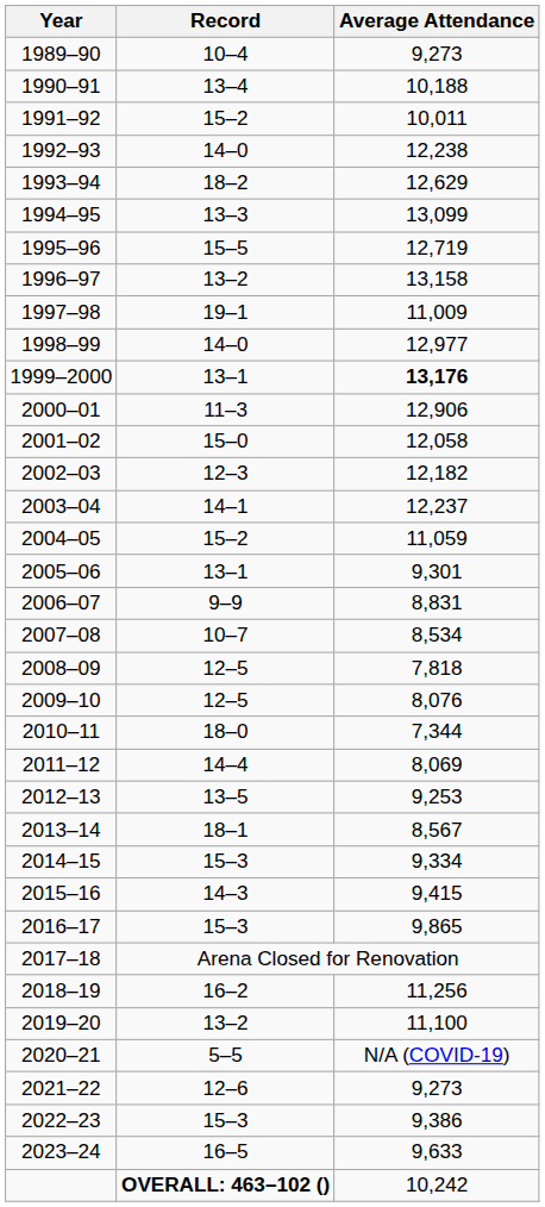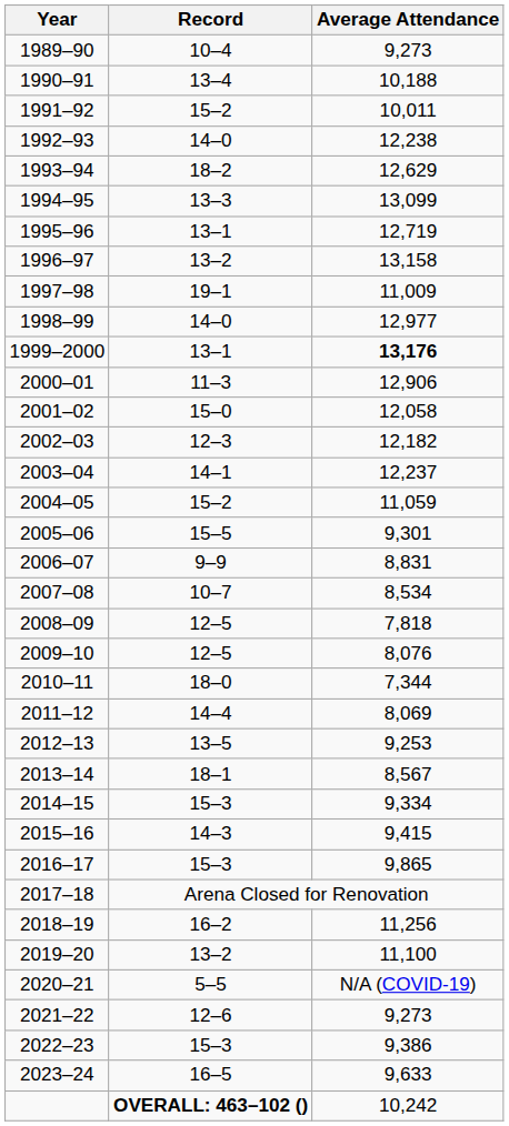 <table class=wikitable style="text-align:center">
 <tr>
 <th>Year</th>
 <th>Record</th>
 <th>Average Attendance</th>
 </tr>
 <tr>
 <td>1989–90</td>
 <td>10–4</td>
 <td>9,273</td>
 </tr>
 <tr>
 <td>1990–91</td>
 <td>13–4</td>
 <td>10,188</td>
 </tr>
 <tr>
 <td>1991–92</td>
 <td>15–2</td>
 <td>10,011</td>
 </tr>
 <tr>
 <td>1992–93</td>
 <td>14–0</td>
 <td>12,238</td>
 </tr>
 <tr>
 <td>1993–94</td>
 <td>18–2</td>
 <td>12,629</td>
 </tr>
 <tr>
 <td>1994–95</td>
 <td>13–3</td>
 <td>13,099</td>
 </tr>
 <tr>
 <td>1995–96</td>
-<td>15–5</td>
+<td>13–1</td>
 <td>12,719</td>
 </tr>
 <tr>
 <td>1996–97</td>
 <td>13–2</td>
 <td>13,158</td>
 </tr>
 <tr>
 <td>1997–98</td>
 <td>19–1</td>
 <td>11,009</td>
 </tr>
 <tr>
 <td>1998–99</td>
 <td>14–0</td>
 <td>12,977</td>
 </tr>
 <tr>
 <td>1999–2000</td>
 <td>13–1</td>
 <td><strong>13,176</strong></td>
 </tr>
 <tr>
 <td>2000–01</td>
 <td>11–3</td>
 <td>12,906</td>
 </tr>
 <tr>
 <td>2001–02</td>
 <td>15–0</td>
 <td>12,058</td>
 </tr>
 <tr>
 <td>2002–03</td>
 <td>12–3</td>
 <td>12,182</td>
 </tr>
 <tr>
 <td>2003–04</td>
 <td>14–1</td>
 <td>12,237</td>
 </tr>
 <tr>
 <td>2004–05</td>
 <td>15–2</td>
 <td>11,059</td>
 </tr>
 <tr>
 <td>2005–06</td>
-<td>13–1</td>
+<td>15–5</td>
 <td>9,301</td>
 </tr>
 <tr>
 <td>2006–07</td>
 <td>9–9</td>
 <td>8,831</td>
 </tr>
 <tr>
 <td>2007–08</td>
 <td>10–7</td>
 <td>8,534</td>
 </tr>
 <tr>
 <td>2008–09</td>
 <td>12–5</td>
 <td>7,818</td>
 </tr>
 <tr>
 <td>2009–10</td>
 <td>12–5</td>
 <td>8,076</td>
 </tr>
 <tr>
 <td>2010–11</td>
 <td>18–0</td>
 <td>7,344</td>
 </tr>
 <tr>
 <td>2011–12</td>
 <td>14–4</td>
 <td>8,069</td>
 </tr>
 <tr>
 <td>2012–13</td>
 <td>13–5</td>
 <td>9,253</td>
 </tr>
 <tr>
 <td>2013–14</td>
 <td>18–1</td>
 <td>8,567</td>
 </tr>
 <tr>
 <td>2014–15</td>
 <td>15–3</td>
 <td>9,334</td>
 </tr>
 <tr>
 <td>2015–16</td>
 <td>14–3</td>
 <td>9,415</td>
 </tr>
 <tr>
 <td>2016–17</td>
 <td>15–3</td>
 <td>9,865</td>
 </tr>
 <tr>
 <td>2017–18</td>
 <td colspan="8" style="text-align: center;">Arena Closed for Renovation</td>
 </tr>
 <tr>
 <td>2018–19</td>
 <td>16–2</td>
 <td>11,256</td>
 </tr>
 <tr>
 <td>2019–20</td>
 <td>13–2</td>
 <td>11,100</td>
 </tr>
 <tr>
 <td>2020–21</td>
 <td>5–5</td>
 <td>N/A (<a href='#'>COVID-19</a>)</td>
 </tr>
 <tr>
 <td>2021–22</td>
 <td>12–6</td>
 <td>9,273</td>
 </tr>
 <tr>
 <td>2022–23</td>
 <td>15–3</td>
 <td>9,386</td>
 </tr>
 <tr>
 <td>2023–24</td>
 <td>16–5</td>
 <td>9,633</td>
 </tr>
 <tr>
 <td></td>
 <td><strong>OVERALL: 463–102 () </strong></td>
 <td>10,242</td>
 </tr>
 </table>
